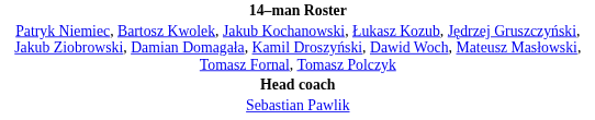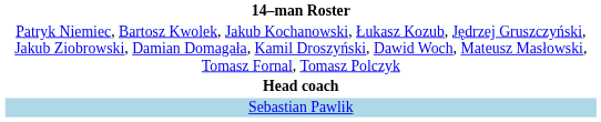 <table style="text-align: center; margin-top: 2em; margin-left: auto; margin-right: auto">
 <tr>
 <td><strong>14–man Roster</strong></td>
 </tr>
 <tr>
 <td><a href='#'>Patryk Niemiec</a>, <a href='#'>Bartosz Kwolek</a>, <a href='#'>Jakub Kochanowski</a>, <a href='#'>Łukasz Kozub</a>, <a href='#'>Jędrzej Gruszczyński</a>, <a href='#'>Jakub Ziobrowski</a>, <a href='#'>Damian Domagała</a>, <a href='#'>Kamil Droszyński</a>, <a href='#'>Dawid Woch</a>, <a href='#'>Mateusz Masłowski</a>, <a href='#'>Tomasz Fornal</a>, <a href='#'>Tomasz Polczyk</a></td>
 </tr>
 <tr>
 <td><strong>Head coach</strong></td>
 </tr>
 <tr>
-<td><a href='#'>Sebastian Pawlik</a></td>
+<td style="background: lightblue;"><a href='#'>Sebastian Pawlik</a></td>
 </tr>
 </table>
